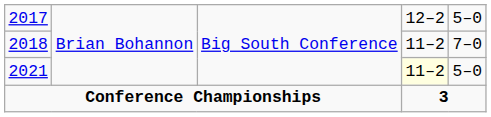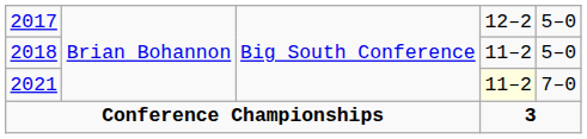 <table class="wikitable">
 <tr>
 <td><a href='#'>2017</a></td>
 <td rowspan="3"><a href='#'>Brian Bohannon</a></td>
 <td rowspan="3"><a href='#'>Big South Conference</a></td>
 <td>12–2</td>
 <td>5–0</td>
 </tr>
 <tr>
 <td><a href='#'>2018</a></td>
 <td>11–2</td>
-<td>7–0</td>
+<td>5–0</td>
 </tr>
 <tr>
 <td><a href='#'>2021</a></td>
 <td style="background: lightyellow;">11–2</td>
-<td>5–0</td>
+<td>7–0</td>
 </tr>
 <tr align="center">
 <td colspan=3><strong>Conference Championships</strong></td>
 <td colspan=3><strong>3</strong></td>
 </tr>
 </table>
